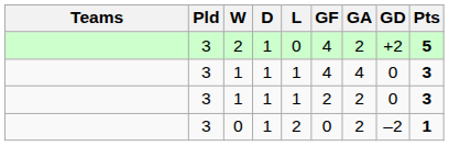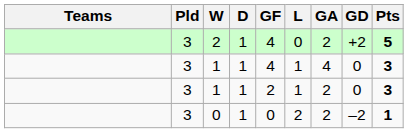 <table class="wikitable" style="text-align: center;">
 <tr>
 <th width=165>Teams</th>
 <th width=20>Pld</th>
 <th width=20>W</th>
 <th width=20>D</th>
+<th width=20>GF</th>
 <th width=20>L</th>
-<th width=20>GF</th>
 <th width=20>GA</th>
 <th width=20>GD</th>
 <th width=20>Pts</th>
 </tr>
 <tr align=center style="background:#ccffcc;">
 <td style="text-align:left;"></td>
 <td>3</td>
 <td>2</td>
 <td>1</td>
+<td>4</td>
 <td>0</td>
-<td>4</td>
 <td>2</td>
 <td>+2</td>
 <td><strong>5</strong></td>
 </tr>
 <tr align=center>
 <td style="text-align:left;"></td>
 <td>3</td>
 <td>1</td>
 <td>1</td>
+<td>4</td>
 <td>1</td>
-<td>4</td>
 <td>4</td>
 <td>0</td>
 <td><strong>3</strong></td>
 </tr>
 <tr align=center>
 <td style="text-align:left;"></td>
 <td>3</td>
 <td>1</td>
 <td>1</td>
+<td>2</td>
 <td>1</td>
-<td>2</td>
 <td>2</td>
 <td>0</td>
 <td><strong>3</strong></td>
 </tr>
 <tr align=center>
 <td style="text-align:left;"></td>
 <td>3</td>
 <td>0</td>
 <td>1</td>
+<td>0</td>
 <td>2</td>
-<td>0</td>
 <td>2</td>
 <td>–2</td>
 <td><strong>1</strong></td>
 </tr>
 </table>
